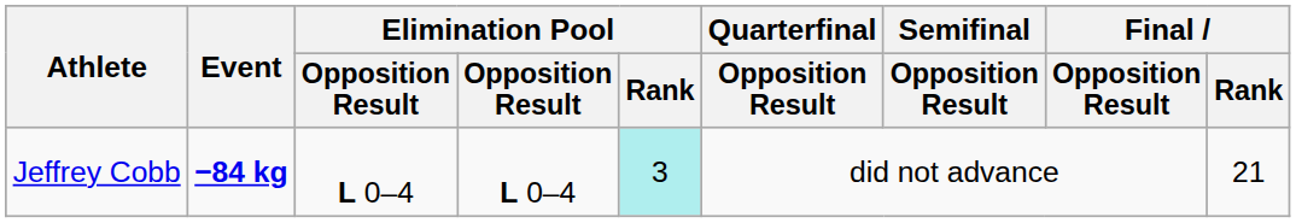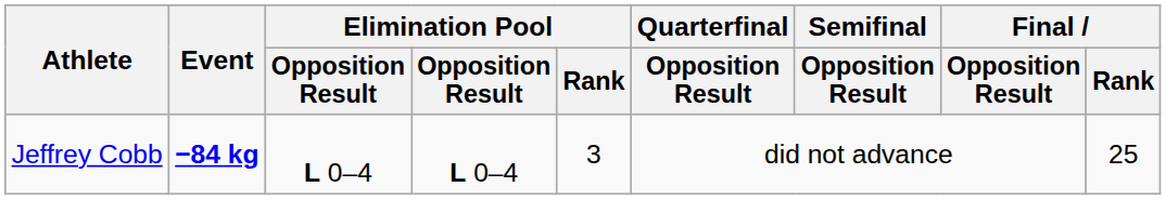 <table class="wikitable" style="font-size:90%">
 <tr>
 <th rowspan="2">Athlete</th>
 <th rowspan="2">Event</th>
 <th colspan=3>Elimination Pool</th>
 <th>Quarterfinal</th>
 <th>Semifinal</th>
 <th colspan=2>Final / </th>
 </tr>
 <tr style="font-size: 95%">
 <th>Opposition<br>Result</th>
 <th>Opposition<br>Result</th>
 <th>Rank</th>
 <th>Opposition<br>Result</th>
 <th>Opposition<br>Result</th>
 <th>Opposition<br>Result</th>
 <th>Rank</th>
 </tr>
 <tr align=center>
 <td align=left><a href='#'>Jeffrey Cobb</a></td>
 <td align=left><strong><a href='#'>−84 kg</a></strong></td>
 <td><br><strong>L</strong> 0–4 <sup></sup></td>
 <td><br><strong>L</strong> 0–4 <sup></sup></td>
-<td style="background: paleturquoise;">3</td>
+<td>3</td>
 <td colspan=3>did not advance</td>
-<td>21</td>
+<td>25</td>
 </tr>
 </table>
